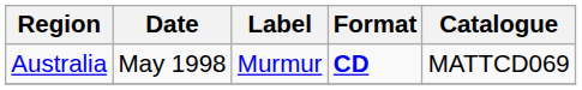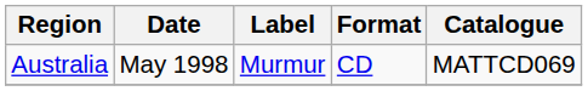 <table class="wikitable">
 <tr>
 <th>Region</th>
 <th>Date</th>
 <th>Label</th>
 <th>Format</th>
 <th>Catalogue</th>
 </tr>
 <tr>
 <td><a href='#'>Australia</a></td>
 <td>May 1998</td>
 <td><a href='#'>Murmur</a></td>
-<td><strong><a href='#'>CD</a></strong></td>
+<td><a href='#'>CD</a></td>
 <td>MATTCD069</td>
 </tr>
 <tr>
 </tr>
 </table>
